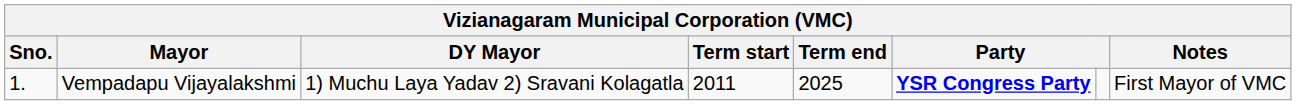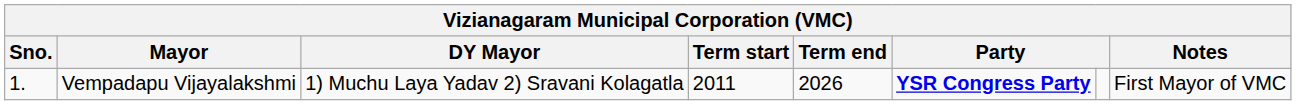 <table class="wikitable sortable">
 <tr>
 <th colspan="8">Vizianagaram Municipal Corporation (VMC)</th>
 </tr>
 <tr>
 <th>Sno.</th>
 <th>Mayor</th>
 <th>DY Mayor</th>
 <th>Term start</th>
 <th>Term end</th>
 <th colspan=2>Party</th>
 <th>Notes</th>
 </tr>
 <tr>
 <td>1.</td>
 <td>Vempadapu Vijayalakshmi</td>
 <td>1) Muchu Laya Yadav 2) Sravani Kolagatla</td>
 <td>2011</td>
-<td>2025</td>
+<td>2026</td>
 <td rowspan="1"><strong><a href='#'>YSR Congress Party</a></strong></td>
 <td rowspan="1" width="4px" style="background-color: "></td>
 <td>First Mayor of VMC</td>
 </tr>
 </table>
